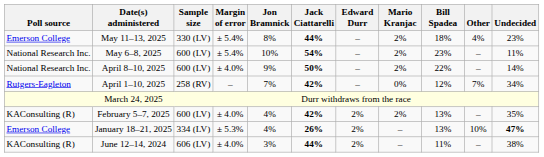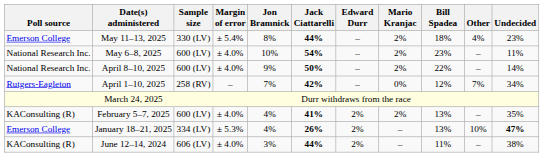 <table class="wikitable" style="font-size:90%;text-align:center;">
 <tr valign=bottom>
 <th>Poll source</th>
 <th>Date(s)<br>administered</th>
 <th>Sample<br>size</th>
 <th>Margin<br>of error</th>
 <th style="width:60px;">Jon<br>Bramnick</th>
 <th style="width:60px;">Jack<br>Ciattarelli</th>
 <th style="width:60px;">Edward<br>Durr</th>
 <th style="width:60px;">Mario<br>Kranjac</th>
 <th style="width:60px;">Bill<br>Spadea</th>
 <th>Other</th>
 <th>Undecided</th>
 </tr>
 <tr>
 <td style="text-align: left;"><a href='#'>Emerson College</a></td>
 <td>May 11–13, 2025</td>
 <td>330 (LV)</td>
 <td>± 5.4%</td>
 <td>8%</td>
 <td><strong>44%</strong></td>
 <td>–</td>
 <td>2%</td>
 <td>18%</td>
 <td>4%</td>
 <td>23%</td>
 </tr>
 <tr>
 <td style="text-align:left">National Research Inc.</td>
 <td>May 6–8, 2025</td>
 <td>600 (LV)</td>
-<td>± 5.4%</td>
+<td>± 4.0%</td>
 <td>10%</td>
 <td><strong>54%</strong></td>
 <td>–</td>
 <td>2%</td>
 <td>23%</td>
 <td>–</td>
 <td>11%</td>
 </tr>
 <tr>
 <td style="text-align:left">National Research Inc.</td>
 <td>April 8–10, 2025</td>
 <td>600 (LV)</td>
 <td>± 4.0%</td>
 <td>9%</td>
 <td><strong>50%</strong></td>
 <td>–</td>
 <td>2%</td>
 <td>22%</td>
 <td>–</td>
 <td>14%</td>
 </tr>
 <tr>
 <td style="text-align:left;"><a href='#'>Rutgers-Eagleton</a></td>
 <td>April 1–10, 2025</td>
 <td>258 (RV)</td>
 <td>–</td>
 <td>7%</td>
 <td><strong>42%</strong></td>
 <td>–</td>
 <td>0%</td>
 <td>12%</td>
 <td>7%</td>
 <td>34%</td>
 </tr>
 <tr style="background:lightyellow;">
 <td style="border-right-style:hidden; background:lightyellow;"></td>
 <td style="border-right-style:hidden; ">March 24, 2025</td>
 <td colspan="10">Durr withdraws from the race</td>
 </tr>
 <tr>
 <td style="text-align:left">KAConsulting (R)</td>
 <td>February 5–7, 2025</td>
 <td>600 (LV)</td>
 <td>± 4.0%</td>
 <td>4%</td>
-<td><strong>42%</strong></td>
+<td><strong>41%</strong></td>
 <td>2%</td>
 <td>2%</td>
 <td>13%</td>
 <td>–</td>
 <td>35%</td>
 </tr>
 <tr>
 <td style="text-align:left"><a href='#'>Emerson College</a></td>
 <td>January 18–21, 2025</td>
 <td>334 (LV)</td>
 <td>± 5.3%</td>
 <td>4%</td>
 <td><strong>26%</strong></td>
 <td>2%</td>
 <td>–</td>
 <td>13%</td>
 <td>10%</td>
 <td><strong>47%</strong></td>
 </tr>
 <tr>
 <td style="text-align:left">KAConsulting (R)</td>
 <td>June 12–14, 2024</td>
 <td>606 (LV)</td>
 <td>± 4.0%</td>
 <td>3%</td>
 <td><strong>44%</strong></td>
 <td>2%</td>
 <td>–</td>
 <td>11%</td>
 <td>–</td>
 <td>38%</td>
 </tr>
 </table>
